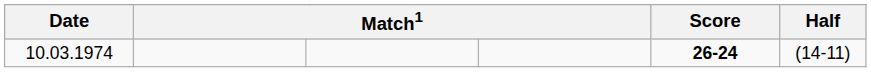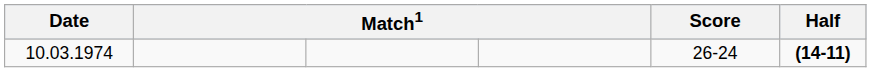 <table width=750 class="wikitable">
 <tr bgcolor="lightsteelblue">
 <th width=15%>Date</th>
 <th width=60% colspan=3>Match<sup>1</sup></th>
 <th width=15%>Score</th>
 <th>Half</th>
 </tr>
 <tr style=font-size:95%>
 <td align=center>10.03.1974</td>
 <td align=right><strong></strong></td>
 <td></td>
 <td align=left></td>
-<td align=center><strong>26-24</strong></td>
-<td align=center>(14-11)</td>
+<td align=center>26-24</td>
+<td align=center><strong>(14-11)</strong></td>
 </tr>
 </table>
